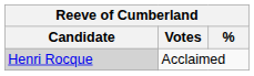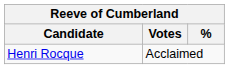 <table class="wikitable">
 <tr>
 <th colspan="3">Reeve of Cumberland</th>
 </tr>
 <tr>
 <th style="width: 170px">Candidate</th>
 <th style="width: 50px">Votes</th>
 <th style="width: 40px">%</th>
 </tr>
 <tr>
-<td style="background: lightgrey;"><a href='#'>Henri Rocque</a></td>
+<td><a href='#'>Henri Rocque</a></td>
 <td colspan="2">Acclaimed</td>
 </tr>
 </table>
